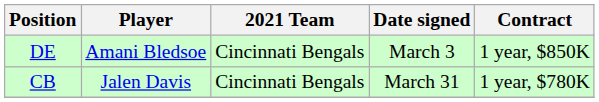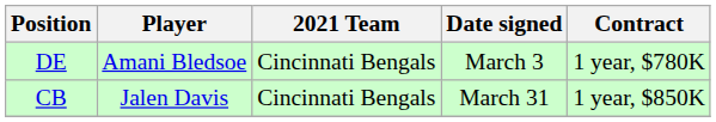 <table class="wikitable" style="text-align:center">
 <tr>
 <th>Position</th>
 <th>Player</th>
 <th>2021 Team</th>
 <th>Date signed</th>
 <th>Contract</th>
 </tr>
 <tr style="background:#cfc;">
 <td><a href='#'>DE</a></td>
 <td><a href='#'>Amani Bledsoe</a></td>
 <td>Cincinnati Bengals</td>
 <td>March 3</td>
-<td>1 year, $850K</td>
+<td>1 year, $780K</td>
 </tr>
 <tr style="background:#cfc;">
 <td><a href='#'>CB</a></td>
 <td><a href='#'>Jalen Davis</a></td>
 <td>Cincinnati Bengals</td>
 <td>March 31</td>
-<td>1 year, $780K</td>
+<td>1 year, $850K</td>
 </tr>
 <tr>
 </tr>
 </table>
